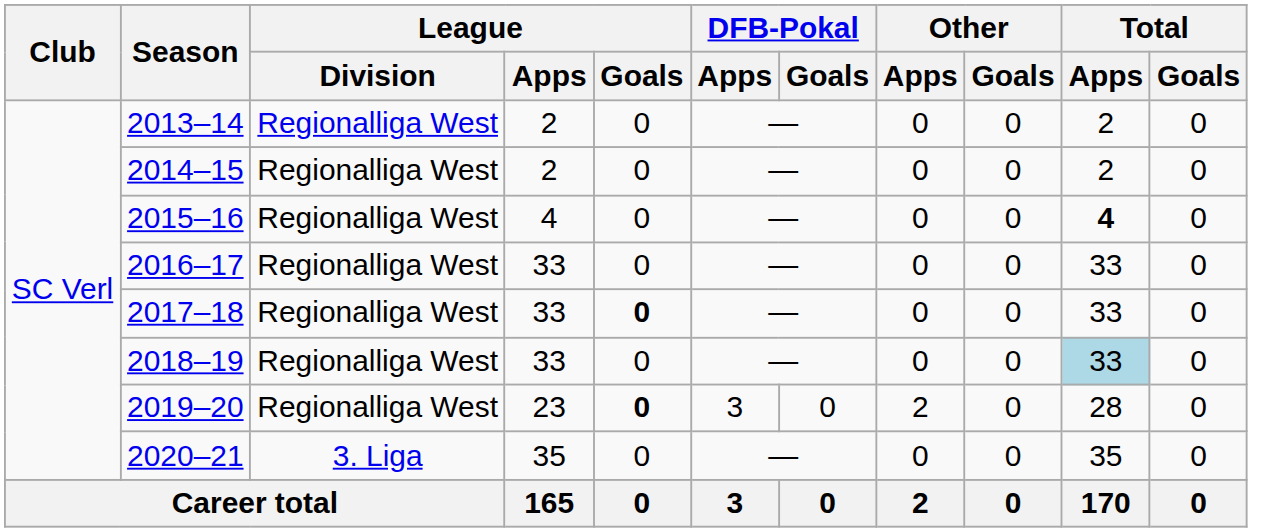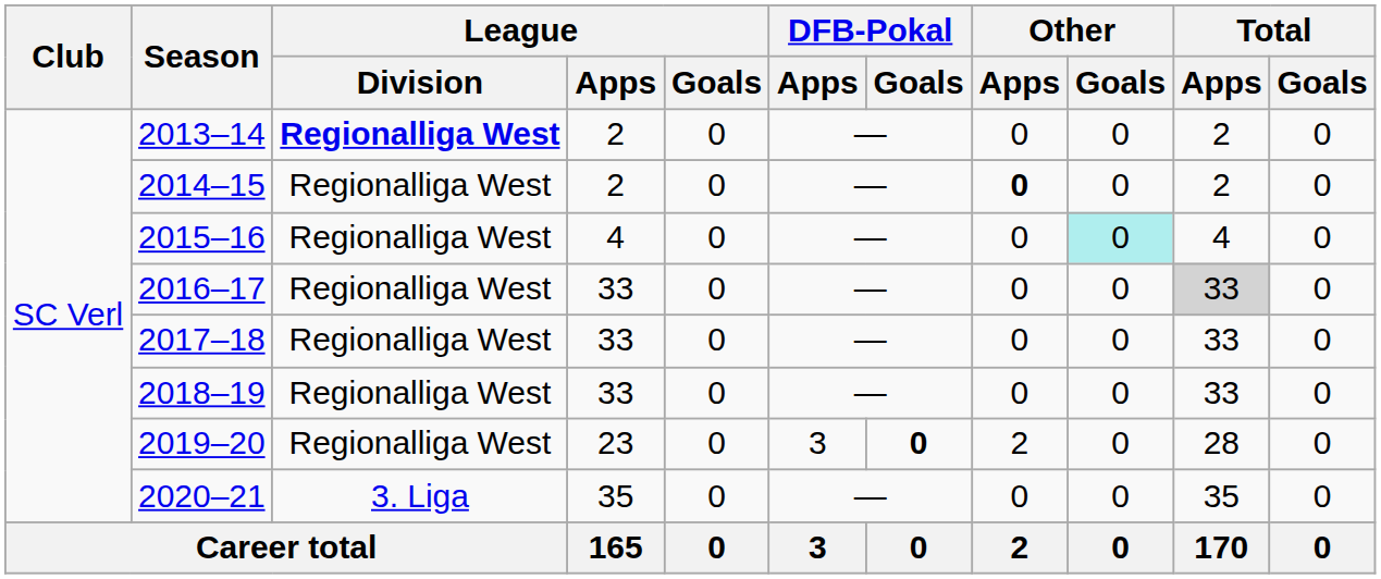 <table class="wikitable" style="text-align: center">
 <tr>
 <th rowspan="2">Club</th>
 <th rowspan="2">Season</th>
 <th colspan="3">League</th>
 <th colspan="2"><a href='#'>DFB-Pokal</a></th>
 <th colspan="2">Other</th>
 <th colspan="2">Total</th>
 </tr>
 <tr>
 <th>Division</th>
 <th>Apps</th>
 <th>Goals</th>
 <th>Apps</th>
 <th>Goals</th>
 <th>Apps</th>
 <th>Goals</th>
 <th>Apps</th>
 <th>Goals</th>
 </tr>
 <tr>
 <td rowspan="8"><a href='#'>SC Verl</a></td>
 <td><a href='#'>2013–14</a></td>
-<td><a href='#'>Regionalliga West</a></td>
+<td><strong><a href='#'>Regionalliga West</a></strong></td>
 <td>2</td>
 <td>0</td>
 <td colspan="2">—</td>
 <td>0</td>
 <td>0</td>
 <td>2</td>
 <td>0</td>
 </tr>
 <tr>
 <td><a href='#'>2014–15</a></td>
 <td>Regionalliga West</td>
 <td>2</td>
 <td>0</td>
 <td colspan="2">—</td>
-<td>0</td>
+<td><strong>0</strong></td>
 <td>0</td>
 <td>2</td>
 <td>0</td>
 </tr>
 <tr>
 <td><a href='#'>2015–16</a></td>
 <td>Regionalliga West</td>
 <td>4</td>
 <td>0</td>
 <td colspan="2">—</td>
 <td>0</td>
-<td>0</td>
-<td><strong>4</strong></td>
+<td style="background: paleturquoise;">0</td>
+<td>4</td>
 <td>0</td>
 </tr>
 <tr>
 <td><a href='#'>2016–17</a></td>
 <td>Regionalliga West</td>
 <td>33</td>
 <td>0</td>
 <td colspan="2">—</td>
 <td>0</td>
 <td>0</td>
-<td>33</td>
+<td style="background: lightgrey;">33</td>
 <td>0</td>
 </tr>
 <tr>
 <td><a href='#'>2017–18</a></td>
 <td>Regionalliga West</td>
 <td>33</td>
-<td><strong>0</strong></td>
+<td>0</td>
 <td colspan="2">—</td>
 <td>0</td>
 <td>0</td>
 <td>33</td>
 <td>0</td>
 </tr>
 <tr>
 <td><a href='#'>2018–19</a></td>
 <td>Regionalliga West</td>
 <td>33</td>
 <td>0</td>
 <td colspan="2">—</td>
 <td>0</td>
 <td>0</td>
-<td style="background: lightblue;">33</td>
+<td>33</td>
 <td>0</td>
 </tr>
 <tr>
 <td><a href='#'>2019–20</a></td>
 <td>Regionalliga West</td>
 <td>23</td>
+<td>0</td>
+<td>3</td>
 <td><strong>0</strong></td>
-<td>3</td>
-<td>0</td>
 <td>2</td>
 <td>0</td>
 <td>28</td>
 <td>0</td>
 </tr>
 <tr>
 <td><a href='#'>2020–21</a></td>
 <td><a href='#'>3. Liga</a></td>
 <td>35</td>
 <td>0</td>
 <td colspan="2">—</td>
 <td>0</td>
 <td>0</td>
 <td>35</td>
 <td>0</td>
 </tr>
 <tr>
 <th colspan="3">Career total</th>
 <th>165</th>
 <th>0</th>
 <th>3</th>
 <th>0</th>
 <th>2</th>
 <th>0</th>
 <th>170</th>
 <th>0</th>
 </tr>
 </table>
